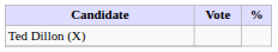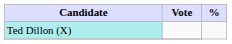 <table class="wikitable">
 <tr>
 <th style="background:#ddf; width:225px;">Candidate</th>
 <th style="background:#ddf; width:50px;">Vote</th>
 <th style="background:#ddf; width:30px;">%</th>
 </tr>
 <tr>
-<td>Ted Dillon (X)</td>
+<td style="background: paleturquoise;">Ted Dillon (X)</td>
 <td></td>
 </tr>
 <tr>
 </tr>
 </table>
